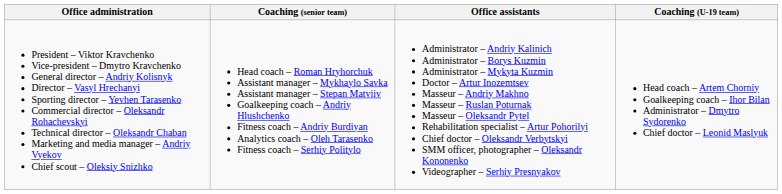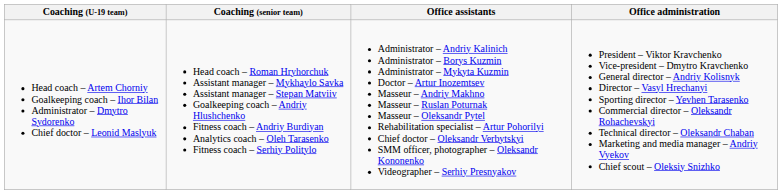 <table class="wikitable">
 <tr>
-<th>Office administration</th>
+<th>Coaching <small>(U-19 team)</small></th>
 <th>Coaching <small>(senior team)</small></th>
 <th>Office assistants </th>
-<th>Coaching <small>(U-19 team)</small></th>
+<th>Office administration</th>
 </tr>
 <tr>
-<td><br><ul><li>President –  Viktor Kravchenko</li><li>Vice-president –  Dmytro Kravchenko</li><li>General director –  <a href='#'>Andriy Kolisnyk</a></li><li>Director –  <a href='#'>Vasyl Hrechanyi</a></li><li>Sporting director –  <a href='#'>Yevhen Tarasenko</a></li><li>Commercial director –  <a href='#'>Oleksandr Rohachevskyi</a></li><li>Technical director –  <a href='#'>Oleksandr Chaban</a></li><li>Marketing and media manager –  <a href='#'>Andriy Vyekov</a></li><li>Chief scout –  <a href='#'>Oleksiy Snizhko</a></li></ul></td>
+<td><br><ul><li>Head coach –  <a href='#'>Artem Chorniy</a></li><li>Goalkeeping coach –  <a href='#'>Ihor Bilan</a></li><li>Administrator –  <a href='#'>Dmytro Sydorenko</a></li><li>Chief doctor –  <a href='#'>Leonid Maslyuk</a></li></ul></td>
 <td><br><ul><li>Head coach –  <a href='#'>Roman Hryhorchuk</a></li><li>Assistant manager –  <a href='#'>Mykhaylo Savka</a></li><li>Assistant manager –  <a href='#'>Stepan Matviiv</a></li><li>Goalkeeping coach –  <a href='#'>Andriy Hlushchenko</a></li><li>Fitness coach –  <a href='#'>Andriy Burdiyan</a></li><li>Analytics coach –  <a href='#'>Oleh Tarasenko</a></li><li>Fitness coach –  <a href='#'>Serhiy Politylo</a></li></ul></td>
 <td><br><ul><li>Administrator –  <a href='#'>Andriy Kalinich</a></li><li>Administrator –  <a href='#'>Borys Kuzmin</a></li><li>Administrator –  <a href='#'>Mykyta Kuzmin</a></li><li>Doctor –  <a href='#'>Artur Inozemtsev</a></li><li>Masseur –  <a href='#'>Andriy Makhno</a></li><li>Masseur –  <a href='#'>Ruslan Poturnak</a></li><li>Masseur –  <a href='#'>Oleksandr Pytel</a></li><li>Rehabilitation specialist –  <a href='#'>Artur Pohorilyi</a></li><li>Chief doctor –  <a href='#'>Oleksandr Verbytskyi</a></li><li>SMM officer, photographer –  <a href='#'>Oleksandr Kononenko</a></li><li>Videographer –  <a href='#'>Serhiy Presnyakov</a></li></ul></td>
-<td><br><ul><li>Head coach –  <a href='#'>Artem Chorniy</a></li><li>Goalkeeping coach –  <a href='#'>Ihor Bilan</a></li><li>Administrator –  <a href='#'>Dmytro Sydorenko</a></li><li>Chief doctor –  <a href='#'>Leonid Maslyuk</a></li></ul></td>
+<td><br><ul><li>President –  Viktor Kravchenko</li><li>Vice-president –  Dmytro Kravchenko</li><li>General director –  <a href='#'>Andriy Kolisnyk</a></li><li>Director –  <a href='#'>Vasyl Hrechanyi</a></li><li>Sporting director –  <a href='#'>Yevhen Tarasenko</a></li><li>Commercial director –  <a href='#'>Oleksandr Rohachevskyi</a></li><li>Technical director –  <a href='#'>Oleksandr Chaban</a></li><li>Marketing and media manager –  <a href='#'>Andriy Vyekov</a></li><li>Chief scout –  <a href='#'>Oleksiy Snizhko</a></li></ul></td>
 </tr>
 </table>
